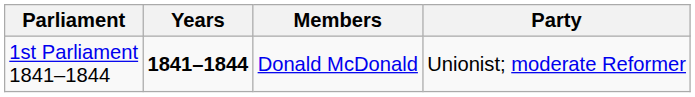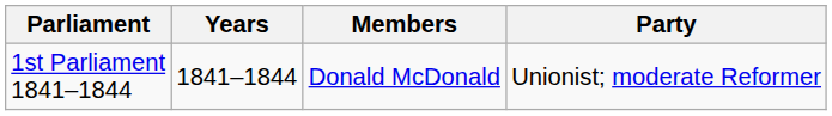 <table class="wikitable">
 <tr>
 <th>Parliament</th>
 <th>Years</th>
 <th colspan="2">Members</th>
 <th>Party</th>
 </tr>
 <tr>
 <td><a href='#'>1st Parliament</a><br>1841–1844</td>
-<td><strong>1841–1844</strong></td>
+<td>1841–1844</td>
 <td colspan = "2"><a href='#'>Donald McDonald</a></td>
 <td>Unionist;  <a href='#'>moderate Reformer</a></td>
 </tr>
 </table>
